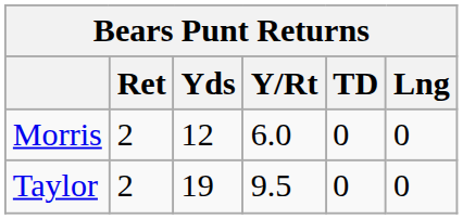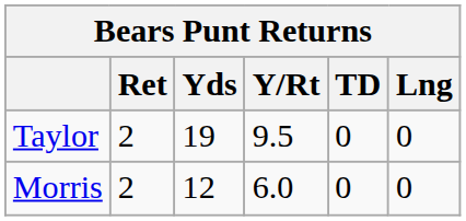 <table class="wikitable">
 <tr>
 <th colspan="6">Bears Punt Returns</th>
 </tr>
 <tr>
 <th></th>
 <th>Ret</th>
 <th>Yds</th>
 <th>Y/Rt</th>
 <th>TD</th>
 <th>Lng</th>
 </tr>
 <tr>
+<td><a href='#'>Taylor</a></td>
+<td>2</td>
+<td>19</td>
+<td>9.5</td>
+<td>0</td>
+<td>0</td>
+</tr>
+<tr>
 <td><a href='#'>Morris</a></td>
 <td>2</td>
 <td>12</td>
 <td>6.0</td>
 <td>0</td>
 <td>0</td>
 </tr>
-<tr>
-<td><a href='#'>Taylor</a></td>
-<td>2</td>
-<td>19</td>
-<td>9.5</td>
-<td>0</td>
-<td>0</td>
-</tr>
 </table>
